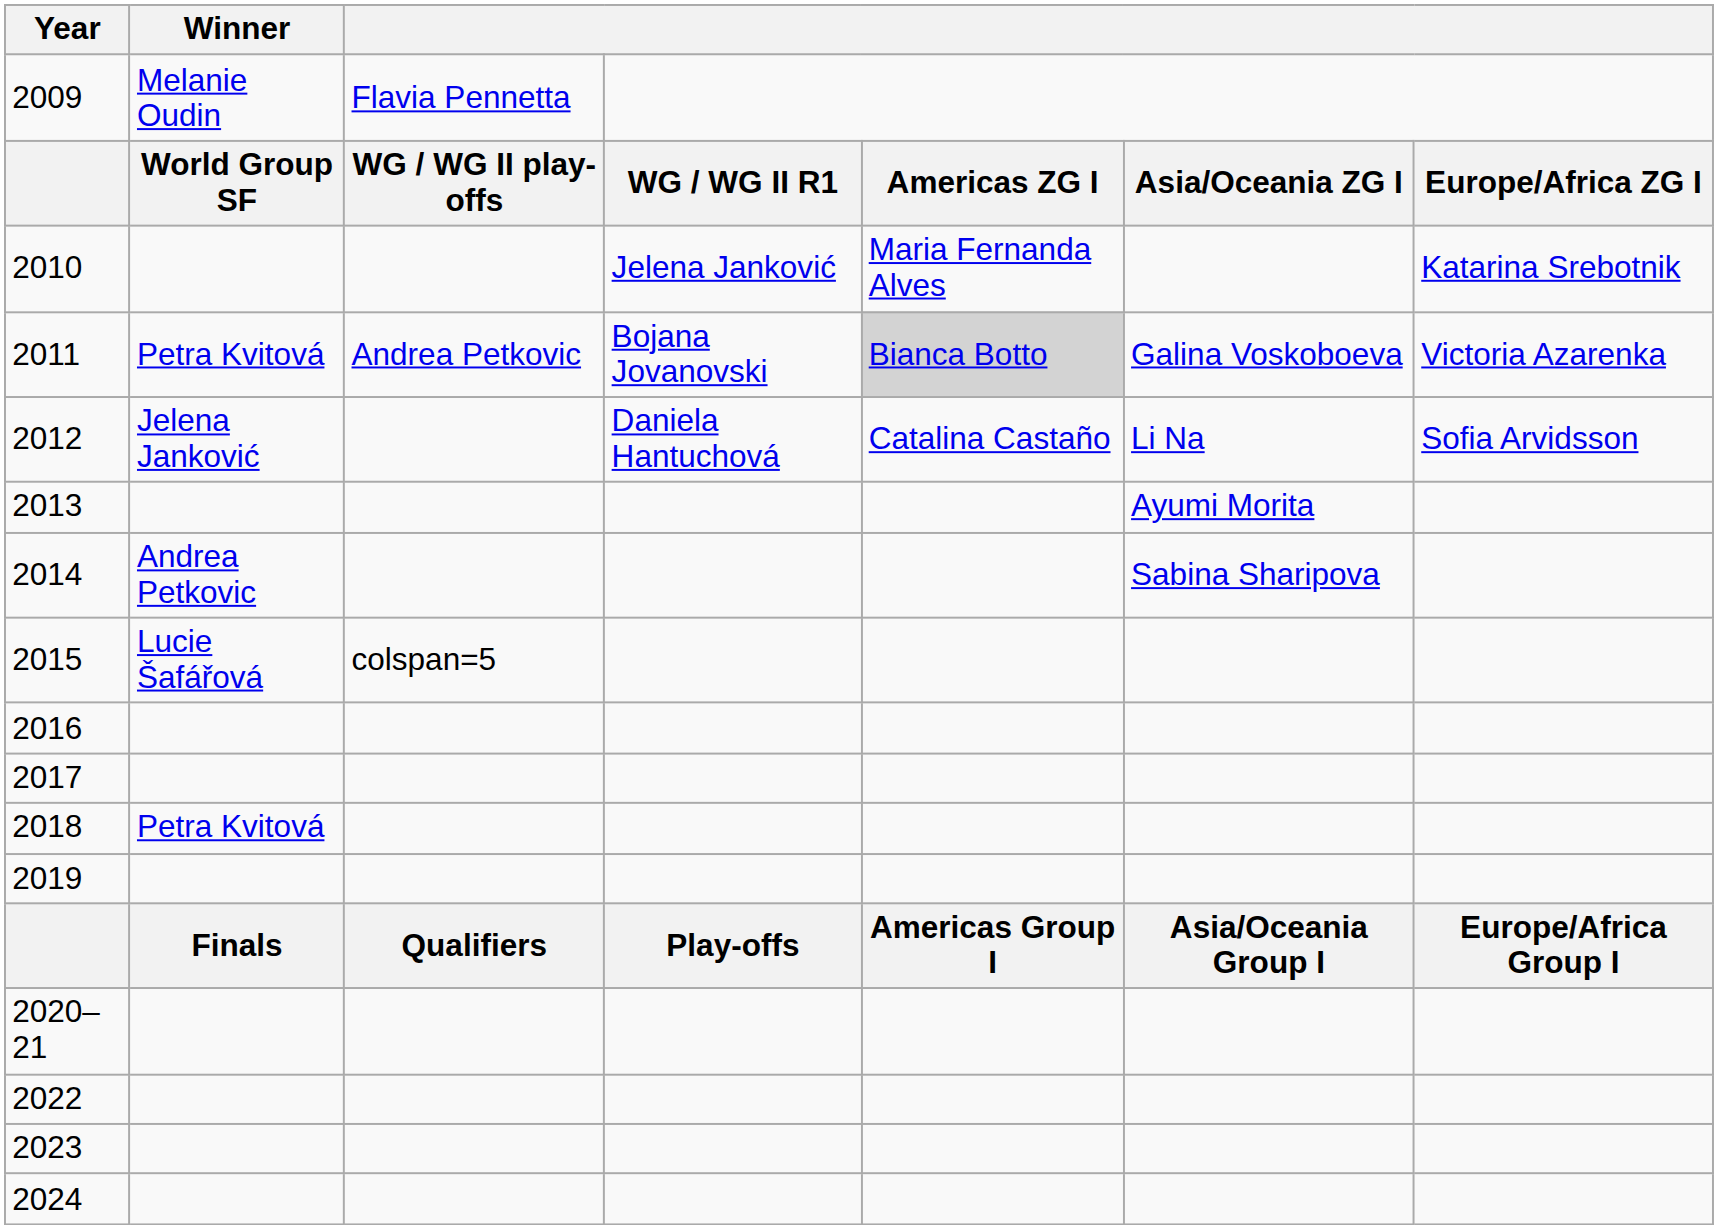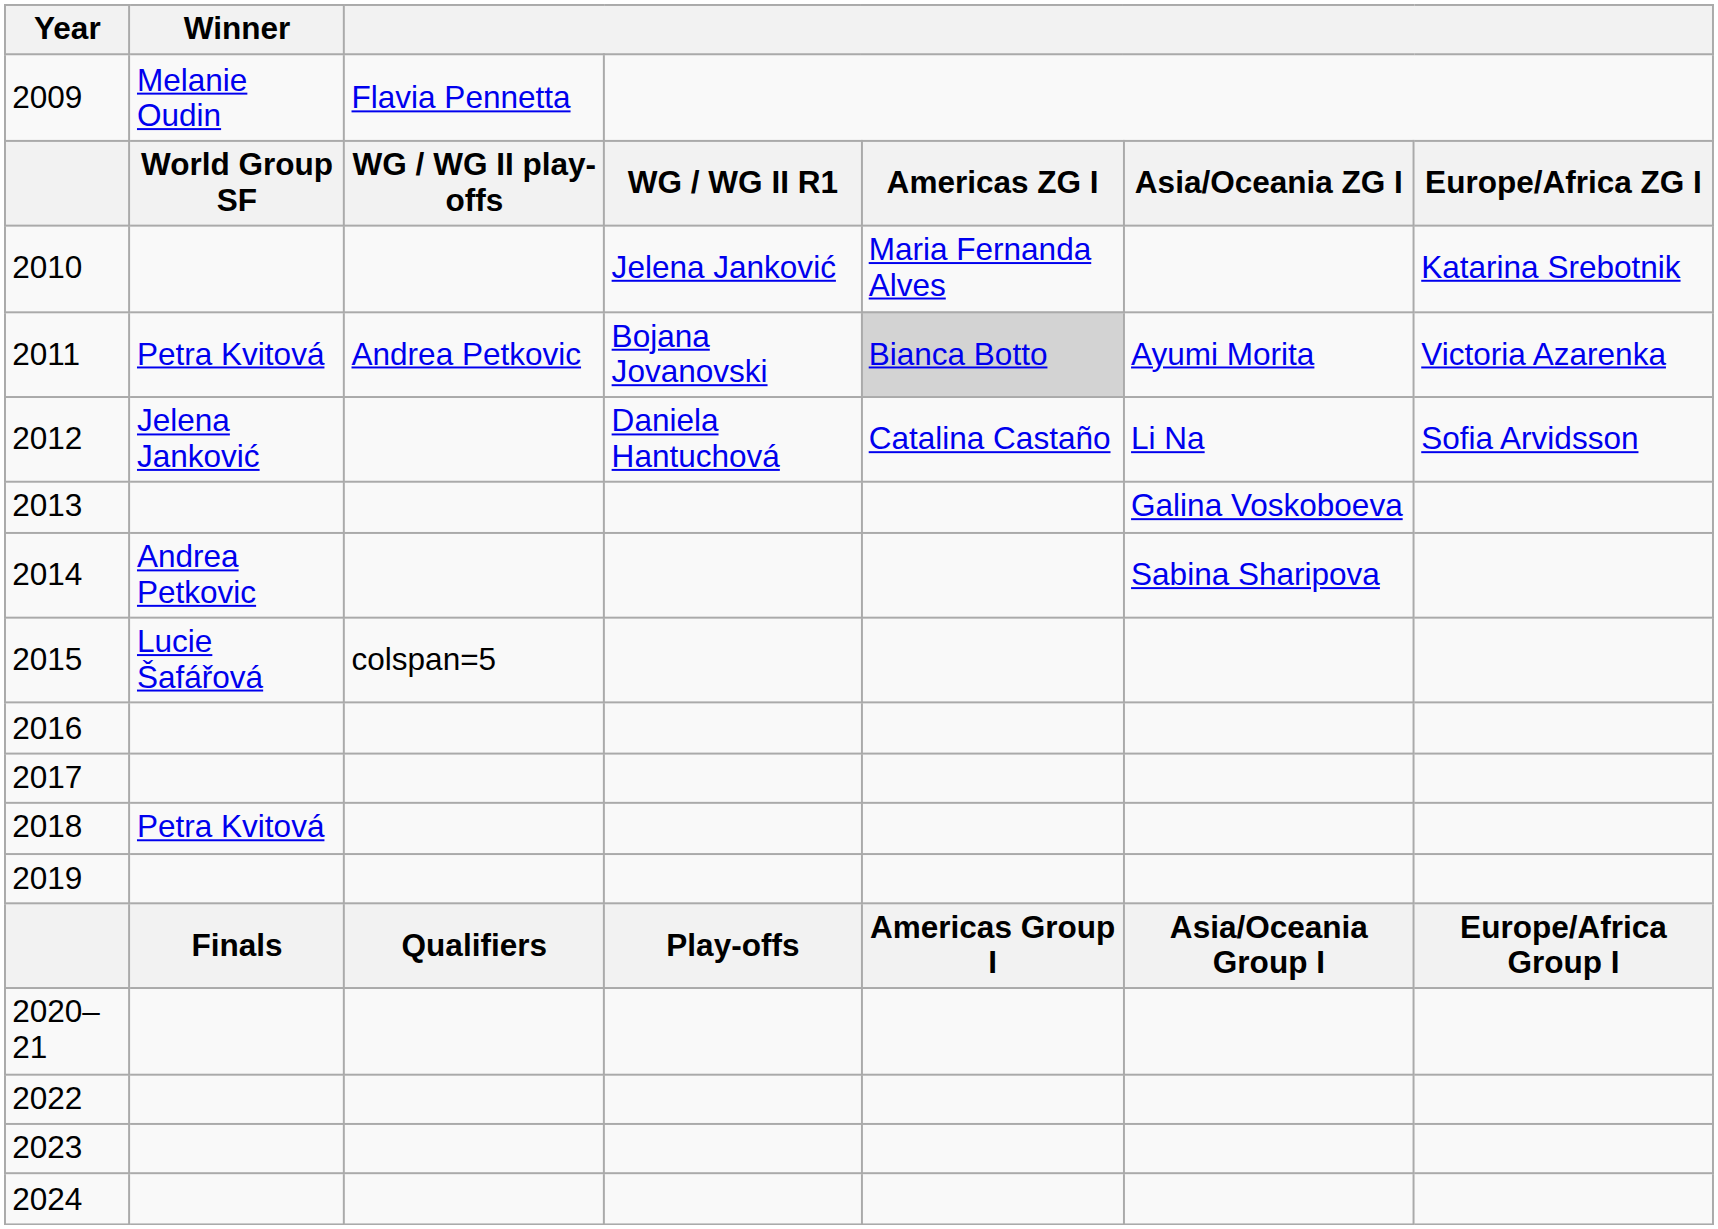 <table class="wikitable">
 <tr>
 <th>Year</th>
 <th>Winner</th>
 <th colspan=5></th>
 </tr>
 <tr>
 <td>2009</td>
 <td> <a href='#'>Melanie Oudin</a></td>
 <td> <a href='#'>Flavia Pennetta</a></td>
 </tr>
 <tr>
 <th></th>
 <th>World Group SF</th>
 <th>WG / WG II play-offs</th>
 <th>WG / WG II R1</th>
 <th>Americas ZG I</th>
 <th>Asia/Oceania ZG I</th>
 <th>Europe/Africa ZG I</th>
 </tr>
 <tr>
 <td>2010</td>
 <td></td>
 <td></td>
 <td> <a href='#'>Jelena Janković</a></td>
 <td> <a href='#'>Maria Fernanda Alves</a></td>
 <td></td>
 <td> <a href='#'>Katarina Srebotnik</a></td>
 </tr>
 <tr>
 <td>2011</td>
 <td> <a href='#'>Petra Kvitová</a></td>
 <td> <a href='#'>Andrea Petkovic</a></td>
 <td> <a href='#'>Bojana Jovanovski</a></td>
 <td style="background: lightgrey;"> <a href='#'>Bianca Botto</a></td>
-<td> <a href='#'>Galina Voskoboeva</a></td>
+<td> <a href='#'>Ayumi Morita</a></td>
 <td> <a href='#'>Victoria Azarenka</a></td>
 </tr>
 <tr>
 <td>2012</td>
 <td> <a href='#'>Jelena Janković</a></td>
 <td></td>
 <td> <a href='#'>Daniela Hantuchová</a></td>
 <td> <a href='#'>Catalina Castaño</a></td>
 <td> <a href='#'>Li Na</a></td>
 <td> <a href='#'>Sofia Arvidsson</a></td>
 </tr>
 <tr>
 <td>2013</td>
 <td></td>
 <td></td>
 <td></td>
 <td></td>
-<td> <a href='#'>Ayumi Morita</a></td>
+<td> <a href='#'>Galina Voskoboeva</a></td>
 <td></td>
 </tr>
 <tr>
 <td>2014</td>
 <td> <a href='#'>Andrea Petkovic</a></td>
 <td></td>
 <td></td>
 <td></td>
 <td> <a href='#'>Sabina Sharipova</a></td>
 <td></td>
 </tr>
 <tr>
 <td>2015</td>
 <td> <a href='#'>Lucie Šafářová</a></td>
 <td>colspan=5 <em></em></td>
 <td></td>
 <td></td>
 <td></td>
 <td></td>
 </tr>
 <tr>
 <td>2016</td>
 <td></td>
 <td></td>
 <td></td>
 <td></td>
 <td></td>
 <td></td>
 </tr>
 <tr>
 <td>2017</td>
 <td></td>
 <td></td>
 <td></td>
 <td></td>
 <td></td>
 <td></td>
 </tr>
 <tr>
 <td>2018</td>
 <td> <a href='#'>Petra Kvitová</a></td>
 <td></td>
 <td></td>
 <td></td>
 <td></td>
 <td></td>
 </tr>
 <tr>
 <td>2019</td>
 <td></td>
 <td></td>
 <td></td>
 <td></td>
 <td></td>
 <td></td>
 </tr>
 <tr>
 <th></th>
 <th>Finals</th>
 <th>Qualifiers</th>
 <th>Play-offs</th>
 <th>Americas Group I</th>
 <th>Asia/Oceania Group I</th>
 <th>Europe/Africa Group I</th>
 </tr>
 <tr>
 <td>2020–21</td>
 <td></td>
 <td></td>
 <td></td>
 <td></td>
 <td></td>
 <td></td>
 </tr>
 <tr>
 <td>2022</td>
 <td></td>
 <td></td>
 <td></td>
 <td></td>
 <td></td>
 <td></td>
 </tr>
 <tr>
 <td>2023</td>
 <td></td>
 <td></td>
 <td></td>
 <td></td>
 <td></td>
 <td></td>
 </tr>
 <tr>
 <td>2024</td>
 <td></td>
 <td></td>
 <td></td>
 <td></td>
 <td></td>
 <td></td>
 </tr>
 </table>
